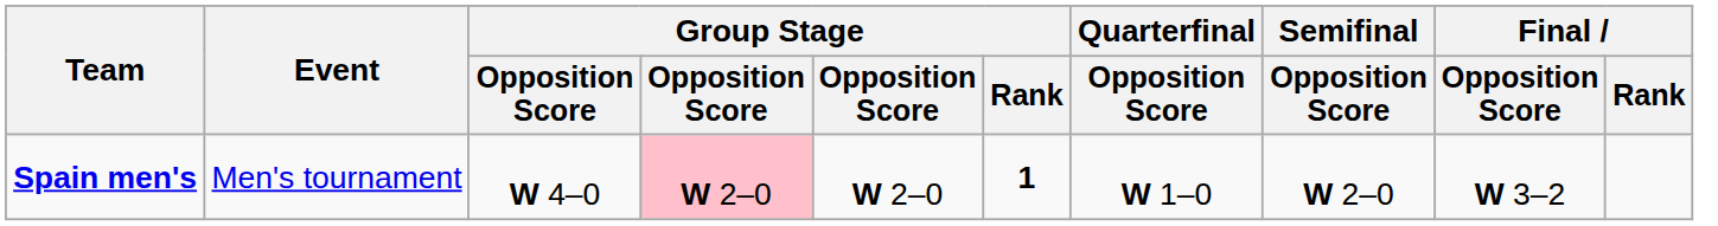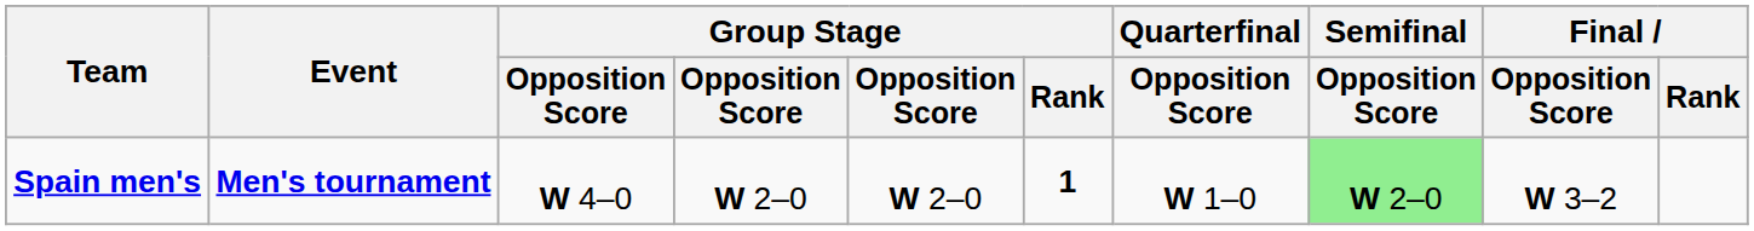 <table class="wikitable" style="font-size:90%">
 <tr>
 <th rowspan=2>Team</th>
 <th rowspan=2>Event</th>
 <th colspan=4>Group Stage</th>
 <th>Quarterfinal</th>
 <th>Semifinal</th>
 <th colspan=2>Final / </th>
 </tr>
 <tr style="font-size:95%">
 <th>Opposition<br>Score</th>
 <th>Opposition<br>Score</th>
 <th>Opposition<br>Score</th>
 <th>Rank</th>
 <th>Opposition<br>Score</th>
 <th>Opposition<br>Score</th>
 <th>Opposition<br>Score</th>
 <th>Rank</th>
 </tr>
 <tr align=center>
 <td align=left><strong><a href='#'>Spain men's</a></strong></td>
-<td align=left><a href='#'>Men's tournament</a></td>
+<td align=left><strong><a href='#'>Men's tournament</a></strong></td>
 <td><br><strong>W</strong> 4–0</td>
-<td style="background: pink;"><br><strong>W</strong> 2–0</td>
+<td><br><strong>W</strong> 2–0</td>
 <td><br><strong>W</strong> 2–0</td>
 <td><strong>1</strong></td>
 <td><br><strong>W</strong> 1–0</td>
-<td><br><strong>W</strong> 2–0</td>
+<td style="background: lightgreen;"><br><strong>W</strong> 2–0</td>
 <td><br><strong>W</strong> 3–2</td>
 <td></td>
 </tr>
 </table>
